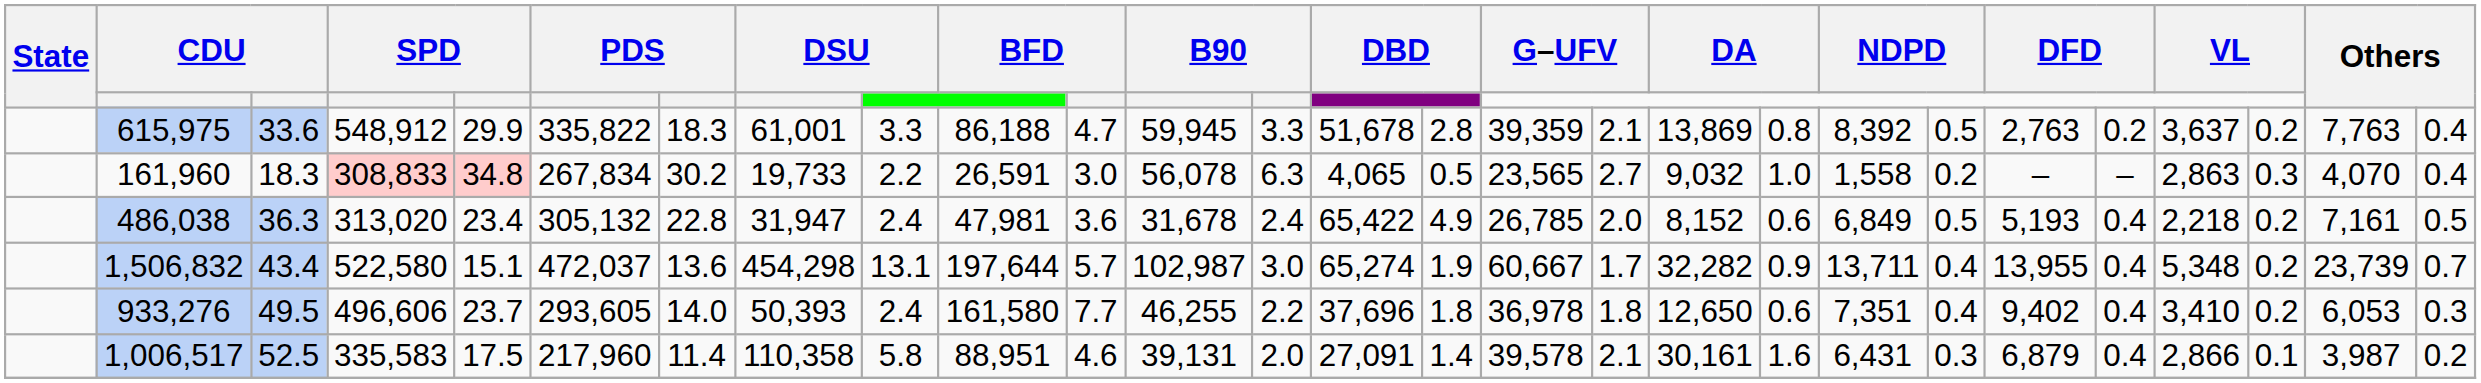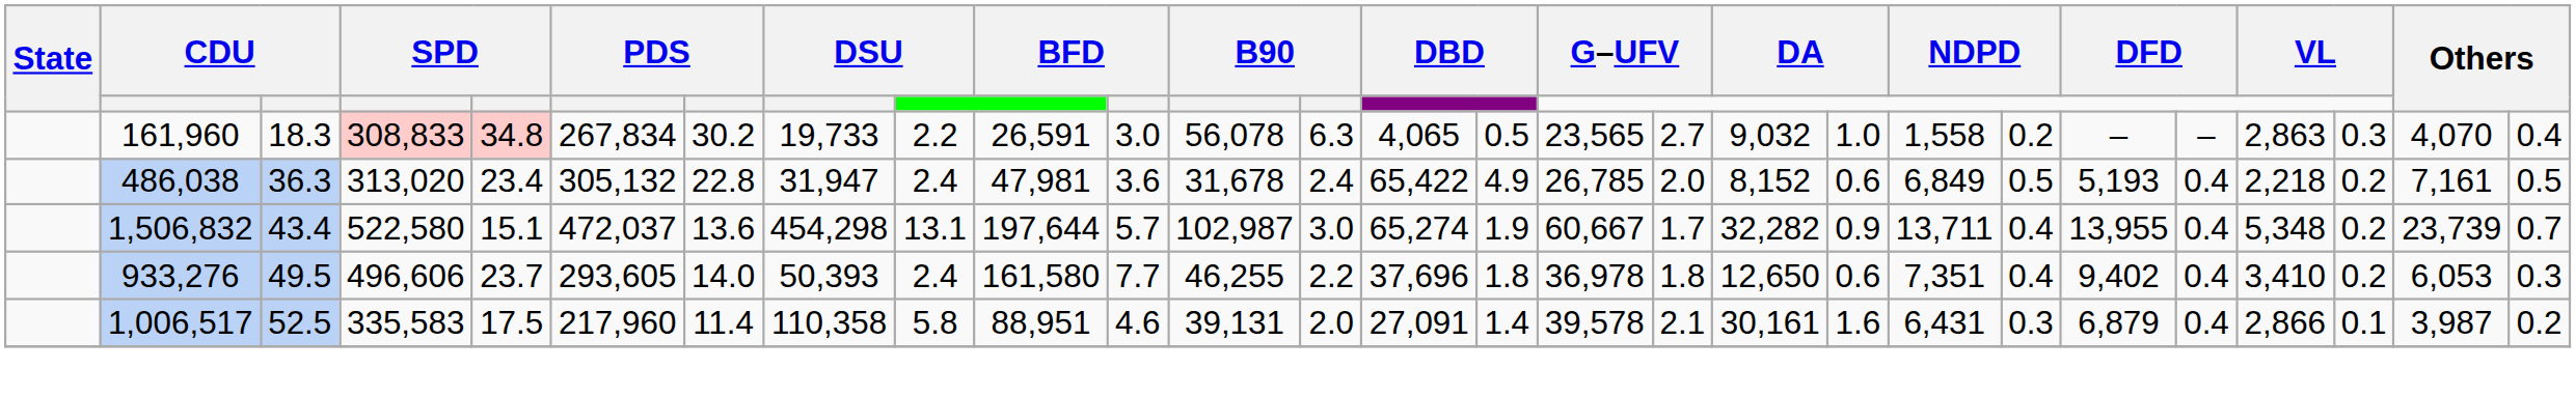 <table class="wikitable sortable" style="text-align: center; font-size: 90%; line-height: 14px;">
 <tr style="height: 40px;">
 <th rowspan="2"><a href='#'>State</a></th>
 <th class="unsortable" style="width:50px;" colspan="2"><a href='#'>CDU</a></th>
 <th class="unsortable" style="width:50px;" colspan="2"><a href='#'>SPD</a></th>
 <th class="unsortable" style="width:50px;" colspan="2"><a href='#'>PDS</a></th>
 <th class="unsortable" style="width:50px;" colspan="2"><a href='#'>DSU</a></th>
 <th class="unsortable" style="width:50px;" colspan="2"><a href='#'>BFD</a></th>
 <th class="unsortable" style="width:50px;" colspan="2"><a href='#'>B90</a></th>
 <th class="unsortable" style="width:50px;" colspan="2"><a href='#'>DBD</a></th>
 <th class="unsortable" style="width:50px;" colspan="2"><a href='#'>G</a>–<a href='#'>UFV</a></th>
 <th class="unsortable" style="width:50px;" colspan="2"><a href='#'>DA</a></th>
 <th class="unsortable" style="width:50px;" colspan="2"><a href='#'>NDPD</a></th>
 <th class="unsortable" style="width:50px;" colspan="2"><a href='#'>DFD</a></th>
 <th class="unsortable" style="width:50px;" colspan="2"><a href='#'>VL</a></th>
 <th class="unsortable" style="width:50px;" colspan="2" rowspan="2">Others</th>
 </tr>
 <tr>
 <th style="background:"></th>
 <th style="background:"></th>
 <th style="background:"></th>
 <th style="background:"></th>
 <th style="background:"></th>
 <th style="background:"></th>
 <th style="background:"></th>
 <th style="background:#00FF00;" colspan="2"></th>
 <th style="background:"></th>
 <th style="background:"></th>
 <th style="background:"></th>
 <th style="background:#800080;" colspan="2"></th>
-</tr>
-<tr>
-<td style="text-align: left;"></td>
-<td bgcolor=#BBD2F7>615,975</td>
-<td bgcolor=#BBD2F7>33.6</td>
-<td>548,912</td>
-<td>29.9</td>
-<td>335,822</td>
-<td>18.3</td>
-<td>61,001</td>
-<td>3.3</td>
-<td>86,188</td>
-<td>4.7</td>
-<td>59,945</td>
-<td>3.3</td>
-<td>51,678</td>
-<td>2.8</td>
-<td>39,359</td>
-<td>2.1</td>
-<td>13,869</td>
-<td>0.8</td>
-<td>8,392</td>
-<td>0.5</td>
-<td>2,763</td>
-<td>0.2</td>
-<td>3,637</td>
-<td>0.2</td>
-<td>7,763</td>
-<td>0.4</td>
 </tr>
 <tr>
 <td style="text-align: left;"></td>
 <td>161,960</td>
 <td>18.3</td>
 <td bgcolor=#FFCCCC>308,833</td>
 <td bgcolor=#FFCCCC>34.8</td>
 <td>267,834</td>
 <td>30.2</td>
 <td>19,733</td>
 <td>2.2</td>
 <td>26,591</td>
 <td>3.0</td>
 <td>56,078</td>
 <td>6.3</td>
 <td>4,065</td>
 <td>0.5</td>
 <td>23,565</td>
 <td>2.7</td>
 <td>9,032</td>
 <td>1.0</td>
 <td>1,558</td>
 <td>0.2</td>
 <td>–</td>
 <td>–</td>
 <td>2,863</td>
 <td>0.3</td>
 <td>4,070</td>
 <td>0.4</td>
 </tr>
 <tr>
 <td style="text-align: left;"></td>
 <td bgcolor=#BBD2F7>486,038</td>
 <td bgcolor=#BBD2F7>36.3</td>
 <td>313,020</td>
 <td>23.4</td>
 <td>305,132</td>
 <td>22.8</td>
 <td>31,947</td>
 <td>2.4</td>
 <td>47,981</td>
 <td>3.6</td>
 <td>31,678</td>
 <td>2.4</td>
 <td>65,422</td>
 <td>4.9</td>
 <td>26,785</td>
 <td>2.0</td>
 <td>8,152</td>
 <td>0.6</td>
 <td>6,849</td>
 <td>0.5</td>
 <td>5,193</td>
 <td>0.4</td>
 <td>2,218</td>
 <td>0.2</td>
 <td>7,161</td>
 <td>0.5</td>
 </tr>
 <tr>
 <td style="text-align: left;"></td>
 <td bgcolor=#BBD2F7>1,506,832</td>
 <td bgcolor=#BBD2F7>43.4</td>
 <td>522,580</td>
 <td>15.1</td>
 <td>472,037</td>
 <td>13.6</td>
 <td>454,298</td>
 <td>13.1</td>
 <td>197,644</td>
 <td>5.7</td>
 <td>102,987</td>
 <td>3.0</td>
 <td>65,274</td>
 <td>1.9</td>
 <td>60,667</td>
 <td>1.7</td>
 <td>32,282</td>
 <td>0.9</td>
 <td>13,711</td>
 <td>0.4</td>
 <td>13,955</td>
 <td>0.4</td>
 <td>5,348</td>
 <td>0.2</td>
 <td>23,739</td>
 <td>0.7</td>
 </tr>
 <tr>
 <td style="text-align: left;"></td>
 <td bgcolor=#BBD2F7>933,276</td>
 <td bgcolor=#BBD2F7>49.5</td>
 <td>496,606</td>
 <td>23.7</td>
 <td>293,605</td>
 <td>14.0</td>
 <td>50,393</td>
 <td>2.4</td>
 <td>161,580</td>
 <td>7.7</td>
 <td>46,255</td>
 <td>2.2</td>
 <td>37,696</td>
 <td>1.8</td>
 <td>36,978</td>
 <td>1.8</td>
 <td>12,650</td>
 <td>0.6</td>
 <td>7,351</td>
 <td>0.4</td>
 <td>9,402</td>
 <td>0.4</td>
 <td>3,410</td>
 <td>0.2</td>
 <td>6,053</td>
 <td>0.3</td>
 </tr>
 <tr>
 <td style="text-align: left;"></td>
 <td bgcolor=#BBD2F7>1,006,517</td>
 <td bgcolor=#BBD2F7>52.5</td>
 <td>335,583</td>
 <td>17.5</td>
 <td>217,960</td>
 <td>11.4</td>
 <td>110,358</td>
 <td>5.8</td>
 <td>88,951</td>
 <td>4.6</td>
 <td>39,131</td>
 <td>2.0</td>
 <td>27,091</td>
 <td>1.4</td>
 <td>39,578</td>
 <td>2.1</td>
 <td>30,161</td>
 <td>1.6</td>
 <td>6,431</td>
 <td>0.3</td>
 <td>6,879</td>
 <td>0.4</td>
 <td>2,866</td>
 <td>0.1</td>
 <td>3,987</td>
 <td>0.2</td>
 </tr>
 <tr>
 </tr>
 </table>
